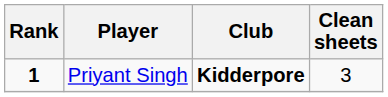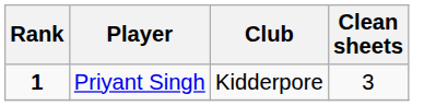 <table class="wikitable sortable" style="text-align:center">
 <tr>
 <th>Rank</th>
 <th>Player</th>
 <th>Club</th>
 <th>Clean<br>sheets</th>
 </tr>
 <tr>
 <td rowspan="1" align="center"><strong>1</strong></td>
 <td align="Left"> <a href='#'>Priyant Singh</a></td>
-<td align="Left"><strong>Kidderpore</strong></td>
+<td align="Left">Kidderpore</td>
 <td rowspan="1" align="center">3</td>
 </tr>
 <tr>
 </tr>
 </table>
